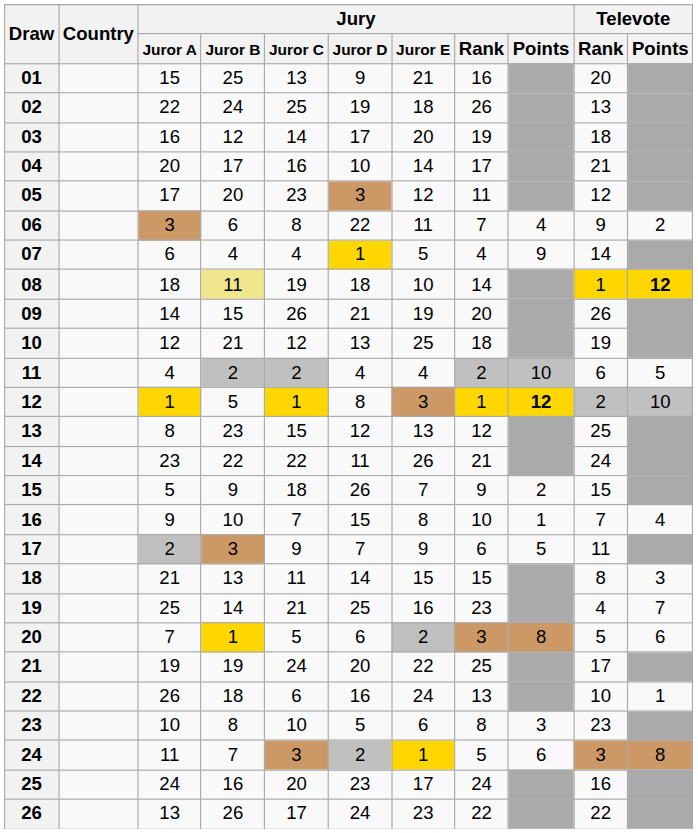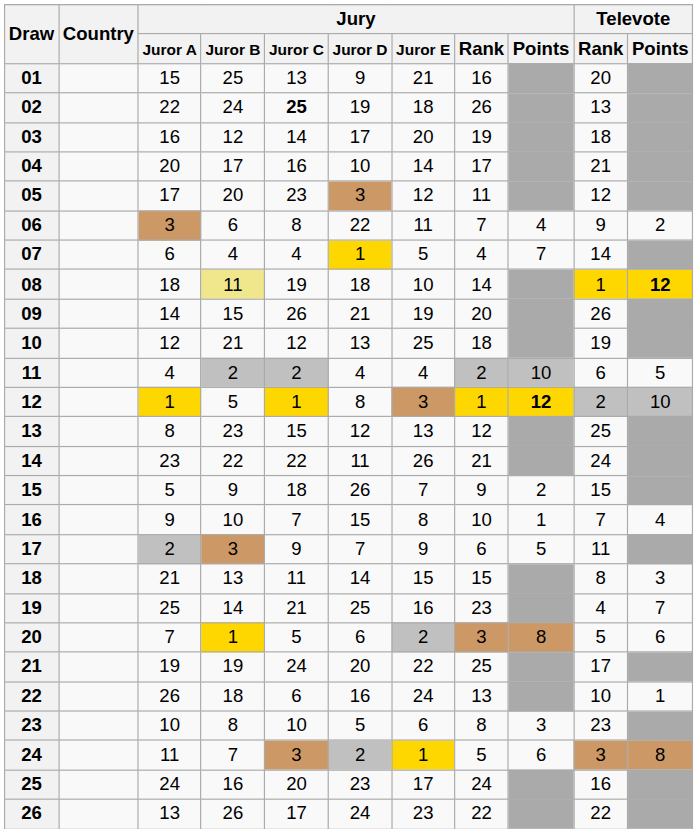 <table class="sortable wikitable collapsible plainrowheaders" style="text-align:center;">
 <tr>
 </tr>
 <tr>
 <th scope="col" rowspan="2">Draw</th>
 <th scope="col" rowspan="2">Country</th>
 <th scope="col" colspan="7">Jury</th>
 <th scope="col" colspan="2">Televote</th>
 </tr>
 <tr>
 <th scope="col"><small>Juror A</small></th>
 <th scope="col"><small>Juror B</small></th>
 <th scope="col"><small>Juror C</small></th>
 <th scope="col"><small>Juror D</small></th>
 <th scope="col"><small>Juror E</small></th>
 <th scope="col">Rank</th>
 <th scope="col">Points</th>
 <th scope="col">Rank</th>
 <th scope="col">Points</th>
 </tr>
 <tr>
 <th scope="row" style="text-align:center;">01</th>
 <td style="text-align:left;"></td>
 <td>15</td>
 <td>25</td>
 <td>13</td>
 <td>9</td>
 <td>21</td>
 <td>16</td>
 <td style="background:#AAAAAA;"></td>
 <td>20</td>
 <td style="background:#AAAAAA;"></td>
 </tr>
 <tr>
 <th scope="row" style="text-align:center;">02</th>
 <td style="text-align:left;"></td>
 <td>22</td>
 <td>24</td>
-<td>25</td>
+<td><strong>25</strong></td>
 <td>19</td>
 <td>18</td>
 <td>26</td>
 <td style="background:#AAAAAA;"></td>
 <td>13</td>
 <td style="background:#AAAAAA;"></td>
 </tr>
 <tr>
 <th scope="row" style="text-align:center;">03</th>
 <td style="text-align:left;"></td>
 <td>16</td>
 <td>12</td>
 <td>14</td>
 <td>17</td>
 <td>20</td>
 <td>19</td>
 <td style="background:#AAAAAA;"></td>
 <td>18</td>
 <td style="background:#AAAAAA;"></td>
 </tr>
 <tr>
 <th scope="row" style="text-align:center;">04</th>
 <td style="text-align:left;"></td>
 <td>20</td>
 <td>17</td>
 <td>16</td>
 <td>10</td>
 <td>14</td>
 <td>17</td>
 <td style="background:#AAAAAA;"></td>
 <td>21</td>
 <td style="background:#AAAAAA;"></td>
 </tr>
 <tr>
 <th scope="row" style="text-align:center;">05</th>
 <td style="text-align:left;"></td>
 <td>17</td>
 <td>20</td>
 <td>23</td>
 <td style="background:#CC9966;">3</td>
 <td>12</td>
 <td>11</td>
 <td style="background:#AAAAAA;"></td>
 <td>12</td>
 <td style="background:#AAAAAA;"></td>
 </tr>
 <tr>
 <th scope="row" style="text-align:center;">06</th>
 <td style="text-align:left;"></td>
 <td style="background:#CC9966;">3</td>
 <td>6</td>
 <td>8</td>
 <td>22</td>
 <td>11</td>
 <td>7</td>
 <td>4</td>
 <td>9</td>
 <td>2</td>
 </tr>
 <tr>
 <th scope="row" style="text-align:center;">07</th>
 <td style="text-align:left;"></td>
 <td>6</td>
 <td>4</td>
 <td>4</td>
 <td style="background:gold;">1</td>
 <td>5</td>
 <td>4</td>
-<td>9</td>
+<td>7</td>
 <td>14</td>
 <td style="background:#AAAAAA;"></td>
 </tr>
 <tr>
 <th scope="row" style="text-align:center;">08</th>
 <td style="text-align:left;"></td>
 <td>18</td>
 <td style="background: khaki;">11</td>
 <td>19</td>
 <td>18</td>
 <td>10</td>
 <td>14</td>
 <td style="background:#AAAAAA;"></td>
 <td style="background:gold;">1</td>
 <td style="background:gold;"><strong>12</strong></td>
 </tr>
 <tr>
 <th scope="row" style="text-align:center;">09</th>
 <td style="text-align:left;"></td>
 <td>14</td>
 <td>15</td>
 <td>26</td>
 <td>21</td>
 <td>19</td>
 <td>20</td>
 <td style="background:#AAAAAA;"></td>
 <td>26</td>
 <td style="background:#AAAAAA;"></td>
 </tr>
 <tr>
 <th scope="row" style="text-align:center;">10</th>
 <td style="text-align:left;"></td>
 <td>12</td>
 <td>21</td>
 <td>12</td>
 <td>13</td>
 <td>25</td>
 <td>18</td>
 <td style="background:#AAAAAA;"></td>
 <td>19</td>
 <td style="background:#AAAAAA;"></td>
 </tr>
 <tr>
 <th scope="row" style="text-align:center;">11</th>
 <td style="text-align:left;"></td>
 <td>4</td>
 <td style="background:silver;">2</td>
 <td style="background:silver;">2</td>
 <td>4</td>
 <td>4</td>
 <td style="background:silver;">2</td>
 <td style="background:silver;">10</td>
 <td>6</td>
 <td>5</td>
 </tr>
 <tr>
 <th scope="row" style="text-align:center;">12</th>
 <td style="text-align:left;"></td>
 <td style="background:gold;">1</td>
 <td>5</td>
 <td style="background:gold;">1</td>
 <td>8</td>
 <td style="background:#CC9966;">3</td>
 <td style="background:gold;">1</td>
 <td style="background:gold;"><strong>12</strong></td>
 <td style="background:silver;">2</td>
 <td style="background:silver;">10</td>
 </tr>
 <tr>
 <th scope="row" style="text-align:center;">13</th>
 <td style="text-align:left;"></td>
 <td>8</td>
 <td>23</td>
 <td>15</td>
 <td>12</td>
 <td>13</td>
 <td>12</td>
 <td style="background:#AAAAAA;"></td>
 <td>25</td>
 <td style="background:#AAAAAA;"></td>
 </tr>
 <tr>
 <th scope="row" style="text-align:center;">14</th>
 <td style="text-align:left;"></td>
 <td>23</td>
 <td>22</td>
 <td>22</td>
 <td>11</td>
 <td>26</td>
 <td>21</td>
 <td style="background:#AAAAAA;"></td>
 <td>24</td>
 <td style="background:#AAAAAA;"></td>
 </tr>
 <tr>
 <th scope="row" style="text-align:center;">15</th>
 <td style="text-align:left;"></td>
 <td>5</td>
 <td>9</td>
 <td>18</td>
 <td>26</td>
 <td>7</td>
 <td>9</td>
 <td>2</td>
 <td>15</td>
 <td style="background:#AAAAAA;"></td>
 </tr>
 <tr>
 <th scope="row" style="text-align:center;">16</th>
 <td style="text-align:left;"></td>
 <td>9</td>
 <td>10</td>
 <td>7</td>
 <td>15</td>
 <td>8</td>
 <td>10</td>
 <td>1</td>
 <td>7</td>
 <td>4</td>
 </tr>
 <tr>
 <th scope="row" style="text-align:center;">17</th>
 <td style="text-align:left;"></td>
 <td style="background:silver;">2</td>
 <td style="background:#CC9966;">3</td>
 <td>9</td>
 <td>7</td>
 <td>9</td>
 <td>6</td>
 <td>5</td>
 <td>11</td>
 <td style="background:#AAAAAA;"></td>
 </tr>
 <tr>
 <th scope="row" style="text-align:center;">18</th>
 <td style="text-align:left;"></td>
 <td>21</td>
 <td>13</td>
 <td>11</td>
 <td>14</td>
 <td>15</td>
 <td>15</td>
 <td style="background:#AAAAAA;"></td>
 <td>8</td>
 <td>3</td>
 </tr>
 <tr>
 <th scope="row" style="text-align:center;">19</th>
 <td style="text-align:left;"></td>
 <td>25</td>
 <td>14</td>
 <td>21</td>
 <td>25</td>
 <td>16</td>
 <td>23</td>
 <td style="background:#AAAAAA;"></td>
 <td>4</td>
 <td>7</td>
 </tr>
 <tr>
 <th scope="row" style="text-align:center;">20</th>
 <td style="text-align:left;"></td>
 <td>7</td>
 <td style="background:gold;">1</td>
 <td>5</td>
 <td>6</td>
 <td style="background:silver;">2</td>
 <td style="background:#CC9966;">3</td>
 <td style="background:#CC9966;">8</td>
 <td>5</td>
 <td>6</td>
 </tr>
 <tr>
 <th scope="row" style="text-align:center;">21</th>
 <td style="text-align:left;"></td>
 <td>19</td>
 <td>19</td>
 <td>24</td>
 <td>20</td>
 <td>22</td>
 <td>25</td>
 <td style="background:#AAAAAA;"></td>
 <td>17</td>
 <td style="background:#AAAAAA;"></td>
 </tr>
 <tr>
 <th scope="row" style="text-align:center;">22</th>
 <td style="text-align:left;"></td>
 <td>26</td>
 <td>18</td>
 <td>6</td>
 <td>16</td>
 <td>24</td>
 <td>13</td>
 <td style="background:#AAAAAA;"></td>
 <td>10</td>
 <td>1</td>
 </tr>
 <tr>
 <th scope="row" style="text-align:center;">23</th>
 <td style="text-align:left;"></td>
 <td>10</td>
 <td>8</td>
 <td>10</td>
 <td>5</td>
 <td>6</td>
 <td>8</td>
 <td>3</td>
 <td>23</td>
 <td style="background:#AAAAAA;"></td>
 </tr>
 <tr>
 <th scope="row" style="text-align:center;">24</th>
 <td style="text-align:left;"></td>
 <td>11</td>
 <td>7</td>
 <td style="background:#CC9966;">3</td>
 <td style="background:silver;">2</td>
 <td style="background:gold;">1</td>
 <td>5</td>
 <td>6</td>
 <td style="background:#CC9966;">3</td>
 <td style="background:#CC9966;">8</td>
 </tr>
 <tr>
 <th scope="row" style="text-align:center;">25</th>
 <td style="text-align:left;"></td>
 <td>24</td>
 <td>16</td>
 <td>20</td>
 <td>23</td>
 <td>17</td>
 <td>24</td>
 <td style="background:#AAAAAA;"></td>
 <td>16</td>
 <td style="background:#AAAAAA;"></td>
 </tr>
 <tr>
 <th scope="row" style="text-align:center;">26</th>
 <td style="text-align:left;"></td>
 <td>13</td>
 <td>26</td>
 <td>17</td>
 <td>24</td>
 <td>23</td>
 <td>22</td>
 <td style="background:#AAAAAA;"></td>
 <td>22</td>
 <td style="background:#AAAAAA;"></td>
 </tr>
 </table>
